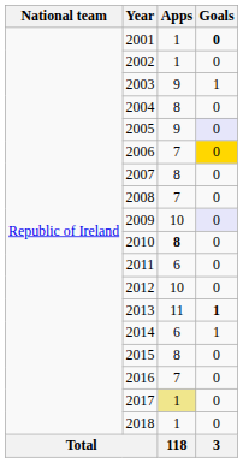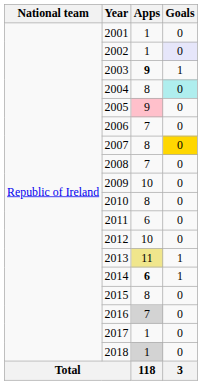 <table class="wikitable" style="text-align:center">
 <tr>
 <th>National team</th>
 <th>Year</th>
 <th>Apps</th>
 <th>Goals</th>
 </tr>
 <tr>
 <td rowspan="18"><a href='#'>Republic of Ireland</a></td>
 <td>2001</td>
 <td>1</td>
-<td><strong>0</strong></td>
+<td>0</td>
 </tr>
 <tr>
 <td>2002</td>
 <td>1</td>
-<td>0</td>
+<td style="background: lavender;">0</td>
 </tr>
 <tr>
 <td>2003</td>
-<td>9</td>
+<td><strong>9</strong></td>
 <td>1</td>
 </tr>
 <tr>
 <td>2004</td>
 <td>8</td>
-<td>0</td>
+<td style="background: paleturquoise;">0</td>
 </tr>
 <tr>
 <td>2005</td>
-<td>9</td>
-<td style="background: lavender;">0</td>
+<td style="background: pink;">9</td>
+<td>0</td>
 </tr>
 <tr>
 <td>2006</td>
 <td>7</td>
-<td style="background: gold;">0</td>
+<td>0</td>
 </tr>
 <tr>
 <td>2007</td>
 <td>8</td>
-<td>0</td>
+<td style="background: gold;">0</td>
 </tr>
 <tr>
 <td>2008</td>
 <td>7</td>
 <td>0</td>
 </tr>
 <tr>
 <td>2009</td>
 <td>10</td>
-<td style="background: lavender;">0</td>
+<td>0</td>
 </tr>
 <tr>
 <td>2010</td>
-<td><strong>8</strong></td>
+<td>8</td>
 <td>0</td>
 </tr>
 <tr>
 <td>2011</td>
 <td>6</td>
 <td>0</td>
 </tr>
 <tr>
 <td>2012</td>
 <td>10</td>
 <td>0</td>
 </tr>
 <tr>
 <td>2013</td>
-<td>11</td>
-<td><strong>1</strong></td>
+<td style="background: khaki;">11</td>
+<td>1</td>
 </tr>
 <tr>
 <td>2014</td>
-<td>6</td>
+<td><strong>6</strong></td>
 <td>1</td>
 </tr>
 <tr>
 <td>2015</td>
 <td>8</td>
 <td>0</td>
 </tr>
 <tr>
 <td>2016</td>
-<td>7</td>
+<td style="background: lightgrey;">7</td>
 <td>0</td>
 </tr>
 <tr>
 <td>2017</td>
-<td style="background: khaki;">1</td>
+<td>1</td>
 <td>0</td>
 </tr>
 <tr>
 <td>2018</td>
-<td>1</td>
+<td style="background: lightgrey;">1</td>
 <td>0</td>
 </tr>
 <tr>
 <th colspan="2">Total</th>
 <th>118</th>
 <th>3</th>
 </tr>
 </table>
